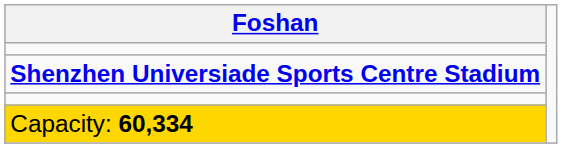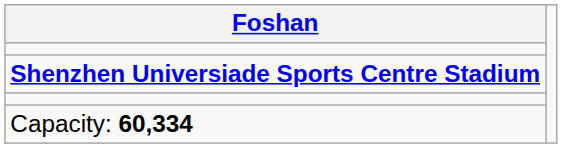 <table class="wikitable" style="margin-left: auto; margin-right: auto; border: none;">
 <tr>
 <th><a href='#'>Foshan</a></th>
 <td rowspan="5"><br></td>
 </tr>
 <tr>
 <td align="center"></td>
 </tr>
 <tr>
 <td><strong><a href='#'>Shenzhen Universiade Sports Centre Stadium</a></strong></td>
 </tr>
 <tr>
 <td><small></small></td>
 </tr>
 <tr>
-<td style="background: gold;">Capacity: <strong>60,334</strong></td>
+<td>Capacity: <strong>60,334</strong></td>
 </tr>
 </table>
